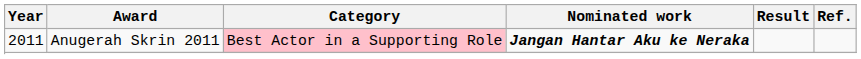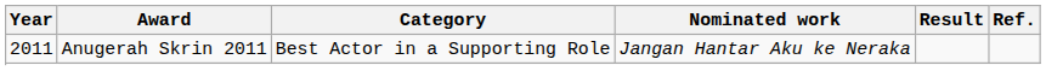 <table class="wikitable">
 <tr>
 <th>Year</th>
 <th>Award</th>
 <th>Category</th>
 <th>Nominated work</th>
 <th>Result</th>
 <th>Ref.</th>
 </tr>
 <tr>
 <td rowspan="3">2011</td>
 <td rowspan="1">Anugerah Skrin 2011</td>
-<td style="background: pink;">Best Actor in a Supporting Role</td>
-<td><strong><em>Jangan Hantar Aku ke Neraka</em></strong></td>
+<td>Best Actor in a Supporting Role</td>
+<td><em>Jangan Hantar Aku ke Neraka</em></td>
 <td></td>
 <td></td>
 </tr>
 <tr>
 </tr>
 </table>
